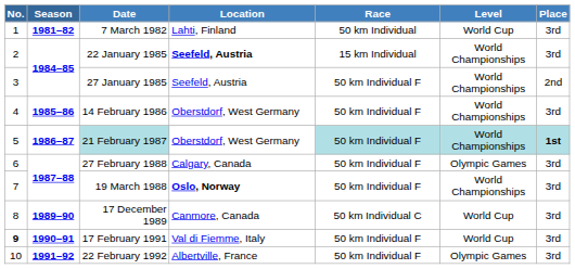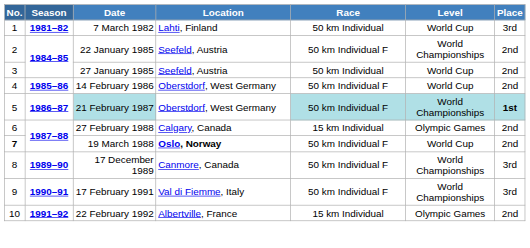 <table class="wikitable sortable" style="font-size:95%; text-align:center; border:grey solid 1px; border-collapse:collapse; background:#ffffff;">
 <tr style="background:#efefef;">
 <th style="background-color:#369; color:white;">No.</th>
 <th style="background-color:#369; color:white;">Season</th>
 <th style="background-color:#4180be; color:white; width:120px;">Date</th>
 <th style="background-color:#4180be; color:white; width:200px;">Location</th>
 <th style="background-color:#4180be; color:white; width:170px;">Race</th>
 <th style="background-color:#4180be; color:white; width:130px;">Level</th>
 <th style="background-color:#4180be; color:white;">Place</th>
 </tr>
 <tr>
 <td align=center>1</td>
 <td rowspan=1 align=center><strong> <a href='#'>1981–82</a> </strong></td>
 <td align=right>7 March 1982</td>
 <td align=left> <a href='#'>Lahti</a>, Finland</td>
 <td>50 km Individual</td>
 <td>World Cup</td>
 <td>3rd</td>
 </tr>
 <tr>
 <td align=center>2</td>
 <td rowspan=2 align=center><strong> <a href='#'>1984–85</a> </strong></td>
 <td align=right>22 January 1985</td>
-<td align=left><strong> <a href='#'>Seefeld</a>, Austria</strong></td>
-<td>15 km Individual</td>
+<td align=left> <a href='#'>Seefeld</a>, Austria</td>
+<td>50 km Individual F</td>
 <td>World Championships</td>
-<td>3rd</td>
+<td>2nd</td>
 </tr>
 <tr>
 <td align=center>3</td>
 <td align=right>27 January 1985</td>
 <td align=left> <a href='#'>Seefeld</a>, Austria</td>
-<td>50 km Individual F</td>
-<td>World Championships</td>
+<td>50 km Individual</td>
+<td>World Cup</td>
 <td>2nd</td>
 </tr>
 <tr>
 <td align=center>4</td>
 <td rowspan=1 align=center><strong> <a href='#'>1985–86</a> </strong></td>
 <td align=right>14 February 1986</td>
 <td align=left> <a href='#'>Oberstdorf</a>, West Germany</td>
 <td>50 km Individual F</td>
-<td>World Championships</td>
-<td>3rd</td>
+<td>World Cup</td>
+<td>2nd</td>
 </tr>
 <tr>
 <td align=center>5</td>
 <td rowspan=1 align=center><strong><a href='#'>1986–87</a></strong></td>
 <td bgcolor="#BOEOE6" align=right>21 February 1987</td>
 <td align=left> <a href='#'>Oberstdorf</a>, West Germany</td>
 <td bgcolor="#BOEOE6">50 km Individual F</td>
 <td bgcolor="#BOEOE6">World Championships</td>
 <td bgcolor="#BOEOE6"><strong>1st</strong></td>
 </tr>
 <tr>
 <td align=center>6</td>
 <td rowspan=2 align=center><strong> <a href='#'>1987–88</a> </strong></td>
 <td align=right>27 February 1988</td>
 <td align=left> <a href='#'>Calgary</a>, Canada</td>
-<td>50 km Individual F</td>
+<td>15 km Individual</td>
 <td>Olympic Games</td>
-<td>3rd</td>
+<td>2nd</td>
 </tr>
 <tr>
-<td align=center>7</td>
+<td align=center><strong>7</strong></td>
 <td align=right>19 March 1988</td>
 <td align=left><strong> <a href='#'>Oslo</a>, Norway</strong></td>
 <td>50 km Individual F</td>
-<td>World Championships</td>
-<td>3rd</td>
+<td>World Cup</td>
+<td>2nd</td>
 </tr>
 <tr>
 <td align=center>8</td>
 <td rowspan=1 align=center><strong> <a href='#'>1989–90</a> </strong></td>
 <td align=right>17 December 1989</td>
 <td align=left> <a href='#'>Canmore</a>, Canada</td>
-<td>50 km Individual C</td>
-<td>World Cup</td>
+<td>50 km Individual F</td>
+<td>World Championships</td>
 <td>3rd</td>
 </tr>
 <tr>
-<td align=center><strong>9</strong></td>
+<td align=center>9</td>
 <td rowspan=1 align=center><strong> <a href='#'>1990–91</a> </strong></td>
 <td align=right>17 February 1991</td>
 <td align=left> <a href='#'>Val di Fiemme</a>, Italy</td>
 <td>50 km Individual F</td>
-<td>World Cup</td>
+<td>World Championships</td>
 <td>3rd</td>
 </tr>
 <tr>
 <td align=center>10</td>
 <td rowspan=1 align=center><strong> <a href='#'>1991–92</a> </strong></td>
 <td align=right>22 February 1992</td>
 <td align=left> <a href='#'>Albertville</a>, France</td>
-<td>50 km Individual F</td>
+<td>15 km Individual</td>
 <td>Olympic Games</td>
-<td>3rd</td>
+<td>2nd</td>
 </tr>
 </table>
